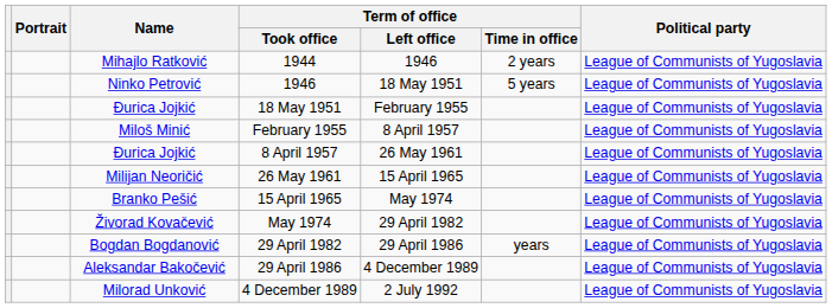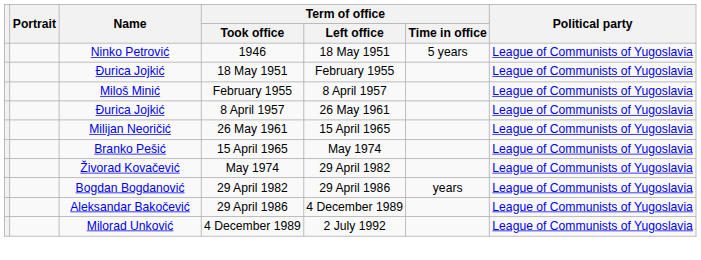 <table class="wikitable" style="text-align:center;">
 <tr>
 <th rowspan=2></th>
 <th rowspan=2>Portrait</th>
 <th rowspan=2 width=180>Name<br></th>
 <th colspan=3>Term of office</th>
 <th rowspan=2>Political party</th>
 </tr>
 <tr>
 <th>Took office</th>
 <th>Left office</th>
 <th>Time in office</th>
-</tr>
-<tr>
-<th style="background:"></th>
-<td></td>
-<td><a href='#'>Mihajlo Ratković</a></td>
-<td>1944</td>
-<td>1946</td>
-<td>2 years</td>
-<td><a href='#'>League of Communists of Yugoslavia</a></td>
 </tr>
 <tr>
 <th style="background:"></th>
 <td></td>
 <td><a href='#'>Ninko Petrović</a><br></td>
 <td>1946</td>
 <td>18 May 1951</td>
 <td>5 years</td>
 <td><a href='#'>League of Communists of Yugoslavia</a></td>
 </tr>
 <tr>
 <th style="background:"></th>
 <td></td>
 <td><a href='#'>Đurica Jojkić</a><br></td>
 <td>18 May 1951</td>
 <td>February 1955</td>
 <td></td>
 <td><a href='#'>League of Communists of Yugoslavia</a></td>
 </tr>
 <tr>
 <th style="background:"></th>
 <td></td>
 <td><a href='#'>Miloš Minić</a><br></td>
 <td>February 1955</td>
 <td>8 April 1957</td>
 <td></td>
 <td><a href='#'>League of Communists of Yugoslavia</a></td>
 </tr>
 <tr>
 <th style="background:"></th>
 <td></td>
 <td><a href='#'>Đurica Jojkić</a><br></td>
 <td>8 April 1957</td>
 <td>26 May 1961</td>
 <td></td>
 <td><a href='#'>League of Communists of Yugoslavia</a></td>
 </tr>
 <tr>
 <th style="background:"></th>
 <td></td>
 <td><a href='#'>Milijan Neoričić</a><br></td>
 <td>26 May 1961</td>
 <td>15 April 1965</td>
 <td></td>
 <td><a href='#'>League of Communists of Yugoslavia</a></td>
 </tr>
 <tr>
 <th style="background:"></th>
 <td></td>
 <td><a href='#'>Branko Pešić</a><br></td>
 <td>15 April 1965</td>
 <td>May 1974</td>
 <td></td>
 <td><a href='#'>League of Communists of Yugoslavia</a></td>
 </tr>
 <tr>
 <th style="background:"></th>
 <td></td>
 <td><a href='#'>Živorad Kovačević</a><br></td>
 <td>May 1974</td>
 <td>29 April 1982</td>
 <td></td>
 <td><a href='#'>League of Communists of Yugoslavia</a></td>
 </tr>
 <tr>
 <th style="background:"></th>
 <td></td>
 <td><a href='#'>Bogdan Bogdanović</a><br></td>
 <td>29 April 1982</td>
 <td>29 April 1986</td>
 <td> years</td>
 <td><a href='#'>League of Communists of Yugoslavia</a></td>
 </tr>
 <tr>
 <th style="background:"></th>
 <td></td>
 <td><a href='#'>Aleksandar Bakočević</a><br></td>
 <td>29 April 1986</td>
 <td>4 December 1989</td>
 <td></td>
 <td><a href='#'>League of Communists of Yugoslavia</a></td>
 </tr>
 <tr>
 <th style="background:"></th>
 <td></td>
 <td><a href='#'>Milorad Unković</a><br></td>
 <td>4 December 1989</td>
 <td>2 July 1992</td>
 <td></td>
 <td><a href='#'>League of Communists of Yugoslavia</a></td>
 </tr>
 </table>
